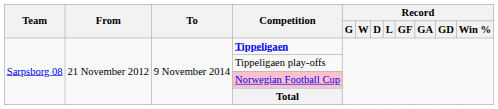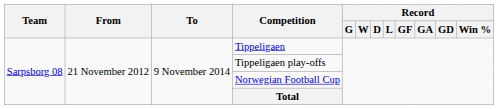 <table class="wikitable" style="text-align: center">
 <tr>
 <th rowspan=2>Team</th>
 <th rowspan=2>From</th>
 <th rowspan=2>To</th>
 <th rowspan=2>Competition</th>
 <th colspan=8>Record</th>
 </tr>
 <tr>
 <th>G</th>
 <th>W</th>
 <th>D</th>
 <th>L</th>
 <th>GF</th>
 <th>GA</th>
 <th>GD</th>
 <th>Win %</th>
 </tr>
 <tr>
 <td rowspan=4 align="left"><a href='#'>Sarpsborg 08</a></td>
 <td rowspan=4 align="left">21 November 2012</td>
 <td rowspan=4 align="left">9 November 2014</td>
-<td align="left"><strong><a href='#'>Tippeligaen</a><br></strong></td>
+<td align="left"><a href='#'>Tippeligaen</a><br></td>
 </tr>
 <tr>
 <td align="left">Tippeligaen play-offs<br></td>
 </tr>
 <tr>
-<td align="left" style="background: pink;"><a href='#'>Norwegian Football Cup</a><br></td>
+<td align="left"><a href='#'>Norwegian Football Cup</a><br></td>
 </tr>
 <tr>
 <th>Total<br></th>
 </tr>
 </table>
